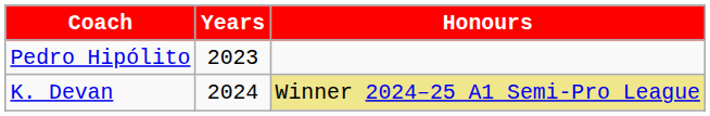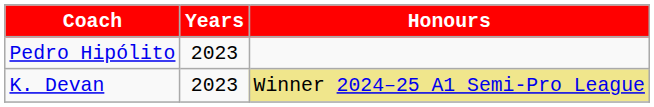 <table class="wikitable">
 <tr>
 <th style="background:red; color:White; text-align:center; ">Coach</th>
 <th style="background:red; color:White; text-align:center; ">Years</th>
 <th style="background:red; color:White; text-align:center; ">Honours</th>
 </tr>
 <tr>
 <td> <a href='#'>Pedro Hipólito</a></td>
 <td align=center>2023</td>
 <td></td>
 </tr>
 <tr>
 <td> <a href='#'>K. Devan</a></td>
-<td align=center>2024</td>
+<td align=center>2023</td>
 <td style="background: khaki;">Winner <a href='#'>2024–25 A1 Semi-Pro League</a></td>
 </tr>
 </table>
